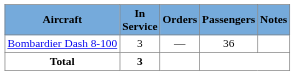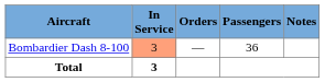 <table class="toccolours" border="1" cellpadding="3" style="border-collapse:collapse; margin: 1em auto;">
 <tr bgcolor=#75aadb>
 <th>Aircraft</th>
 <th>In<br>Service</th>
 <th>Orders</th>
 <th>Passengers</th>
 <th>Notes</th>
 </tr>
 <tr>
 <td><a href='#'>Bombardier Dash 8-100</a></td>
-<td align="center">3</td>
+<td align="center" style="background: lightsalmon;">3</td>
 <td align="center">—</td>
 <td align="center">36</td>
 <td></td>
 </tr>
 <tr>
 <th>Total</th>
 <th>3</th>
 <th></th>
 <th colspan="2"></th>
 </tr>
 </table>
